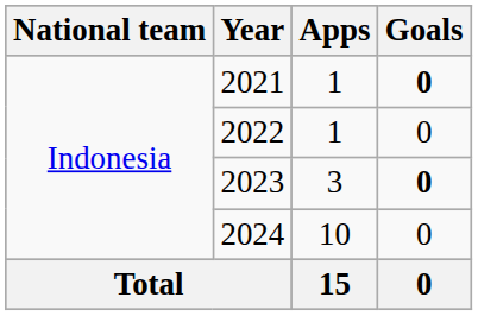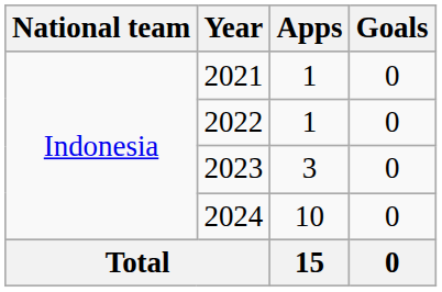 <table class="wikitable" style="text-align:center">
 <tr>
 <th>National team</th>
 <th>Year</th>
 <th>Apps</th>
 <th>Goals</th>
 </tr>
 <tr>
 <td rowspan=4><a href='#'>Indonesia</a></td>
 <td>2021</td>
 <td>1</td>
-<td><strong>0</strong></td>
+<td>0</td>
 </tr>
 <tr>
 <td>2022</td>
 <td>1</td>
 <td>0</td>
 </tr>
 <tr>
 <td>2023</td>
 <td>3</td>
-<td><strong>0</strong></td>
+<td>0</td>
 </tr>
 <tr>
 <td>2024</td>
 <td>10</td>
 <td>0</td>
 </tr>
 <tr>
 <th colspan=2>Total</th>
 <th>15</th>
 <th>0</th>
 </tr>
 </table>
